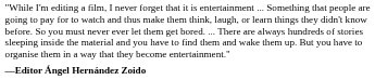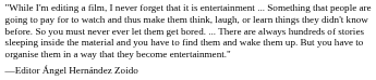 <table class="toccolours" style="float: right; margin-left: 1em; margin-right: 2em; font-size: 85%; color:black; width:40em; max-width: 35%;" cellspacing="5">
 <tr>
 <td style="text-align: left;">"While I'm editing a film, I never forget that it is entertainment ... Something that people are going to pay for to watch and thus make them think, laugh, or learn things they didn't know before. So you must never ever let them get bored. ... There are always hundreds of stories sleeping inside the material and you have to find them and wake them up. But you have to organise them in a way that they become entertainment."</td>
 </tr>
 <tr>
-<td style="text-align: left;"><strong>—Editor Ángel Hernández Zoido</strong></td>
+<td style="text-align: left;">—Editor Ángel Hernández Zoido</td>
 </tr>
 </table>
